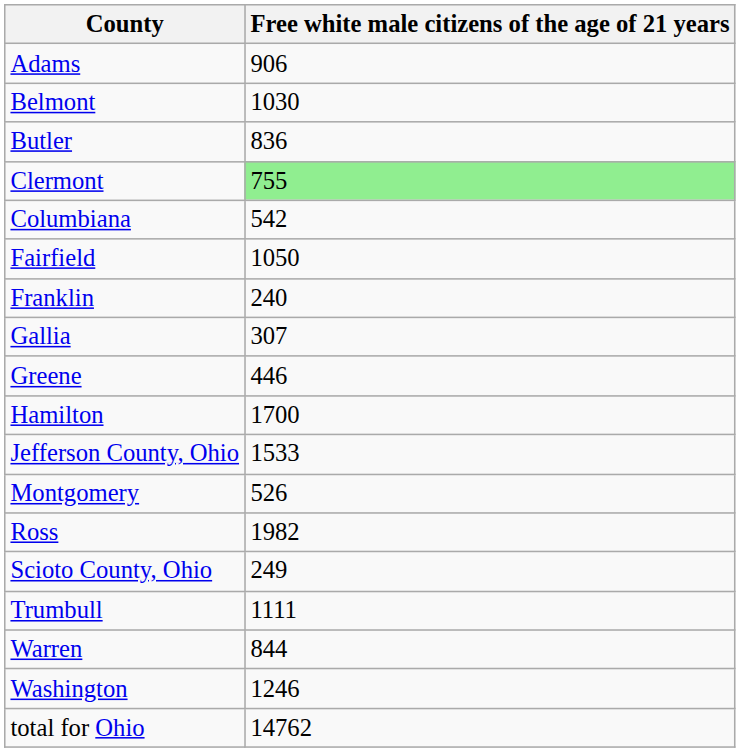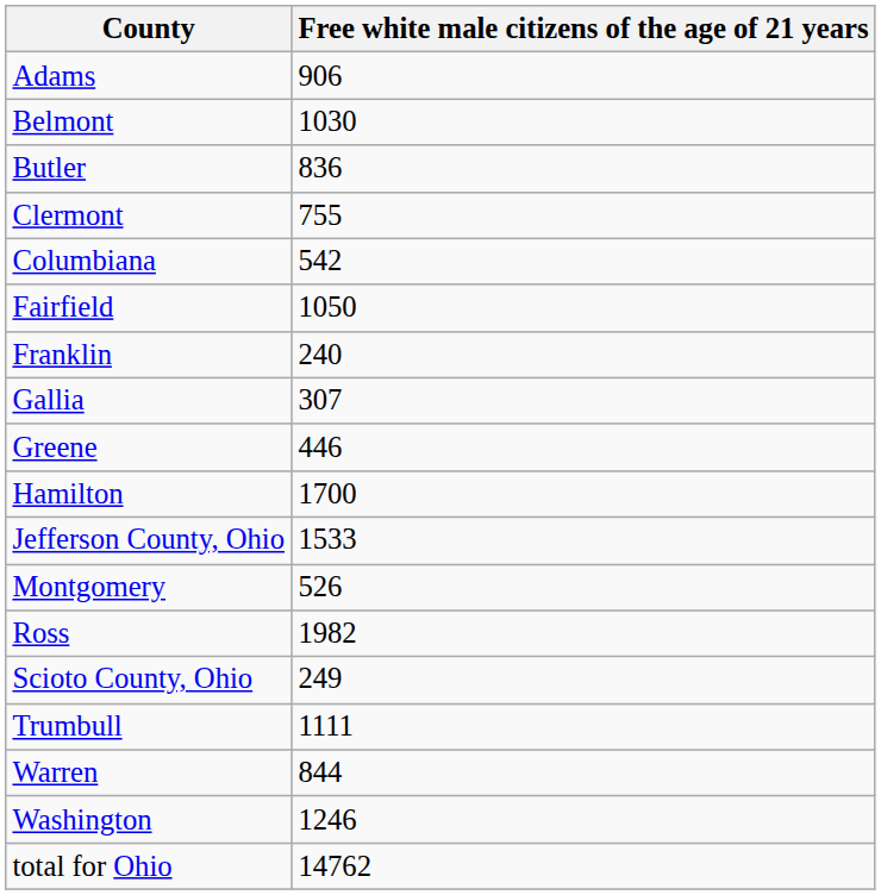 <table class="wikitable collapsible sortable">
 <tr>
 <th>County</th>
 <th>Free white male citizens of the age of 21 years</th>
 </tr>
 <tr>
 <td><a href='#'>Adams</a></td>
 <td>906</td>
 </tr>
 <tr>
 <td><a href='#'>Belmont</a></td>
 <td>1030</td>
 </tr>
 <tr>
 <td><a href='#'>Butler</a></td>
 <td>836</td>
 </tr>
 <tr>
 <td><a href='#'>Clermont</a></td>
-<td style="background: lightgreen;">755</td>
+<td>755</td>
 </tr>
 <tr>
 <td><a href='#'>Columbiana</a></td>
 <td>542</td>
 </tr>
 <tr>
 <td><a href='#'>Fairfield</a></td>
 <td>1050</td>
 </tr>
 <tr>
 <td><a href='#'>Franklin</a></td>
 <td>240</td>
 </tr>
 <tr>
 <td><a href='#'>Gallia</a></td>
 <td>307</td>
 </tr>
 <tr>
 <td><a href='#'>Greene</a></td>
 <td>446</td>
 </tr>
 <tr>
 <td><a href='#'>Hamilton</a></td>
 <td>1700</td>
 </tr>
 <tr>
 <td><a href='#'>Jefferson County, Ohio</a></td>
 <td>1533</td>
 </tr>
 <tr>
 <td><a href='#'>Montgomery</a></td>
 <td>526</td>
 </tr>
 <tr>
 <td><a href='#'>Ross</a></td>
 <td>1982</td>
 </tr>
 <tr>
 <td><a href='#'>Scioto County, Ohio</a></td>
 <td>249</td>
 </tr>
 <tr>
 <td><a href='#'>Trumbull</a></td>
 <td>1111</td>
 </tr>
 <tr>
 <td><a href='#'>Warren</a></td>
 <td>844</td>
 </tr>
 <tr>
 <td><a href='#'>Washington</a></td>
 <td>1246</td>
 </tr>
 <tr>
 <td>total for <a href='#'>Ohio</a></td>
 <td>14762</td>
 </tr>
 </table>
